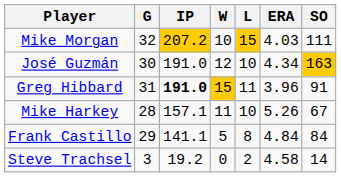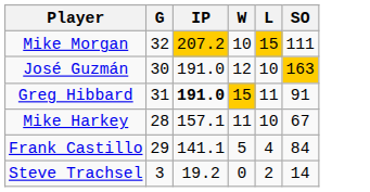 <table class="wikitable sortable" style="text-align:center">
 <tr>
 <th>Player</th>
 <th>G</th>
 <th>IP</th>
 <th>W</th>
 <th>L</th>
-<th>ERA</th>
 <th>SO</th>
 </tr>
 <tr>
 <td><a href='#'>Mike Morgan</a></td>
 <td>32</td>
 <td style="background:#fc0;">207.2</td>
 <td>10</td>
 <td style="background:#fc0;">15</td>
-<td>4.03</td>
 <td>111</td>
 </tr>
 <tr>
 <td><a href='#'>José Guzmán</a></td>
 <td>30</td>
 <td>191.0</td>
 <td>12</td>
 <td>10</td>
-<td>4.34</td>
 <td style="background:#fc0;">163</td>
 </tr>
 <tr>
 <td><a href='#'>Greg Hibbard</a></td>
 <td>31</td>
 <td><strong>191.0</strong></td>
 <td style="background:#fc0;">15</td>
 <td>11</td>
-<td>3.96</td>
 <td>91</td>
 </tr>
 <tr>
 <td><a href='#'>Mike Harkey</a></td>
 <td>28</td>
 <td>157.1</td>
 <td>11</td>
 <td>10</td>
-<td>5.26</td>
 <td>67</td>
 </tr>
 <tr>
 <td><a href='#'>Frank Castillo</a></td>
 <td>29</td>
 <td>141.1</td>
 <td>5</td>
-<td>8</td>
-<td>4.84</td>
+<td>4</td>
 <td>84</td>
 </tr>
 <tr>
 <td><a href='#'>Steve Trachsel</a></td>
 <td>3</td>
 <td>19.2</td>
 <td>0</td>
 <td>2</td>
-<td>4.58</td>
 <td>14</td>
 </tr>
 </table>
